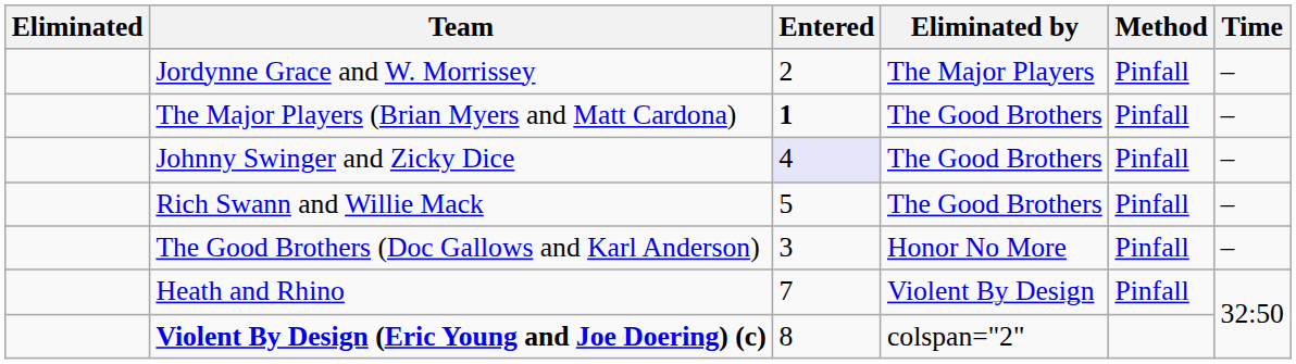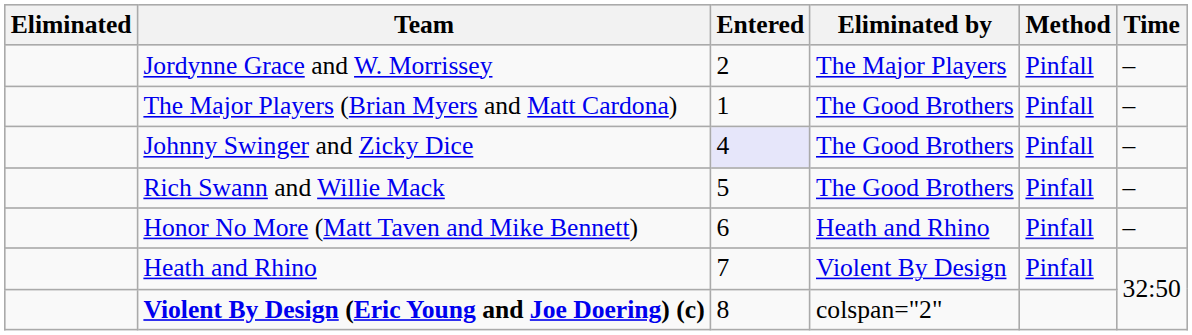 <table class="wikitable sortable">
 <tr>
 <th>Eliminated</th>
 <th>Team</th>
 <th>Entered</th>
 <th>Eliminated by</th>
 <th>Method</th>
 <th>Time</th>
 </tr>
 <tr>
 <td></td>
 <td><a href='#'>Jordynne Grace</a> and <a href='#'>W. Morrissey</a></td>
 <td>2</td>
 <td><a href='#'>The Major Players</a></td>
 <td><a href='#'>Pinfall</a></td>
 <td>–</td>
 </tr>
 <tr>
 <td></td>
 <td><a href='#'>The Major Players</a> (<a href='#'>Brian Myers</a> and <a href='#'>Matt Cardona</a>)</td>
-<td><strong>1</strong></td>
+<td>1</td>
 <td><a href='#'>The Good Brothers</a></td>
 <td><a href='#'>Pinfall</a></td>
 <td>–</td>
 </tr>
 <tr>
 <td></td>
 <td><a href='#'>Johnny Swinger</a> and <a href='#'>Zicky Dice</a></td>
 <td style="background: lavender;">4</td>
 <td><a href='#'>The Good Brothers</a></td>
 <td><a href='#'>Pinfall</a></td>
 <td>–</td>
 </tr>
 <tr>
 <td></td>
 <td><a href='#'>Rich Swann</a> and <a href='#'>Willie Mack</a></td>
 <td>5</td>
 <td><a href='#'>The Good Brothers</a></td>
 <td><a href='#'>Pinfall</a></td>
 <td>–</td>
 </tr>
 <tr>
 <td></td>
-<td><a href='#'>The Good Brothers</a> (<a href='#'>Doc Gallows</a> and <a href='#'>Karl Anderson</a>)</td>
-<td>3</td>
-<td><a href='#'>Honor No More</a></td>
+<td><a href='#'>Honor No More</a> (<a href='#'>Matt Taven and Mike Bennett</a>)</td>
+<td>6</td>
+<td><a href='#'>Heath and Rhino</a></td>
 <td><a href='#'>Pinfall</a></td>
 <td>–</td>
 </tr>
 <tr>
 <td></td>
 <td><a href='#'>Heath and Rhino</a></td>
 <td>7</td>
 <td><a href='#'>Violent By Design</a></td>
 <td><a href='#'>Pinfall</a></td>
 <td rowspan=2>32:50</td>
 </tr>
 <tr>
 <td></td>
 <td><strong><a href='#'>Violent By Design</a> (<a href='#'>Eric Young</a> and <a href='#'>Joe Doering</a>) (c)</strong></td>
 <td>8</td>
 <td>colspan="2" </td>
 </tr>
 </table>
